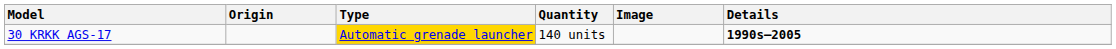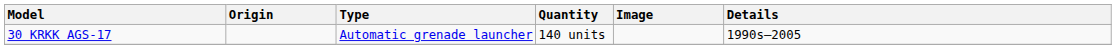 <table class="wikitable sortable">
 <tr>
 <th style="text-align: left; width:20%;">Model</th>
 <th style="text-align: left; width:10%;">Origin</th>
 <th style="text-align: left; width:18%;">Type</th>
 <th style="text-align: left; width:7%;">Quantity</th>
 <th style="text-align: left; width:10%;">Image</th>
 <th style="text-align: left; width:35%;">Details</th>
 </tr>
 <tr>
 <td><a href='#'>30 KRKK AGS-17</a></td>
 <td></td>
-<td style="background: gold;"><a href='#'>Automatic grenade launcher</a></td>
+<td><a href='#'>Automatic grenade launcher</a></td>
 <td>140 units</td>
 <td></td>
-<td><strong>1990s–2005</strong></td>
+<td>1990s–2005</td>
 </tr>
 <tr>
 </tr>
 </table>
